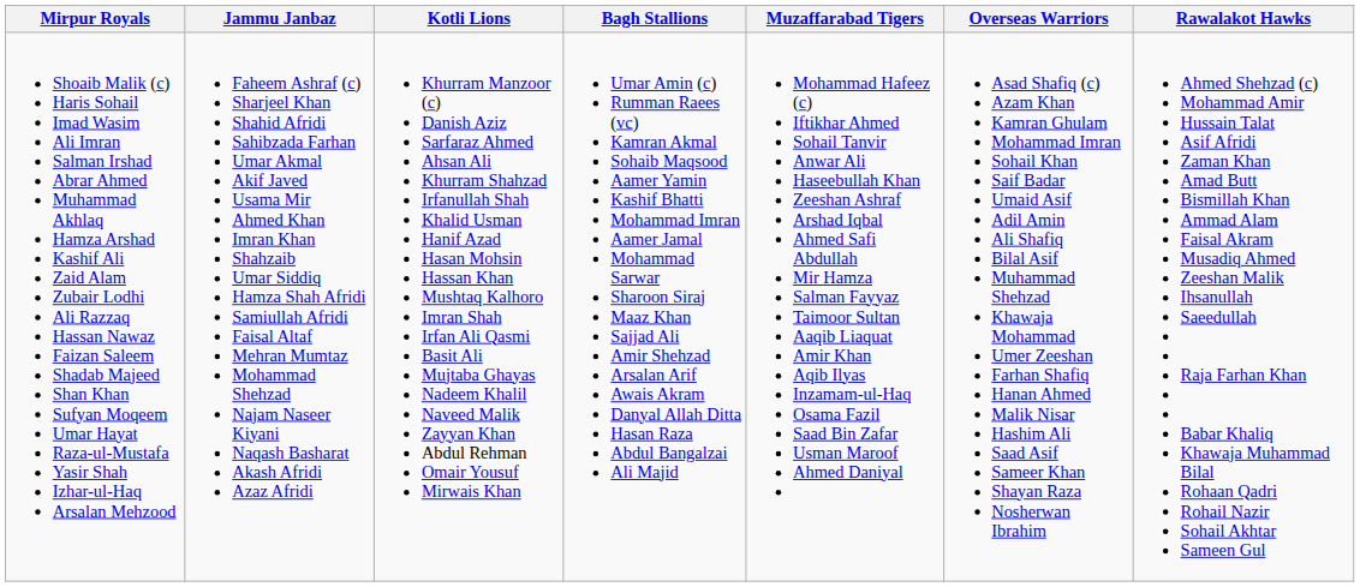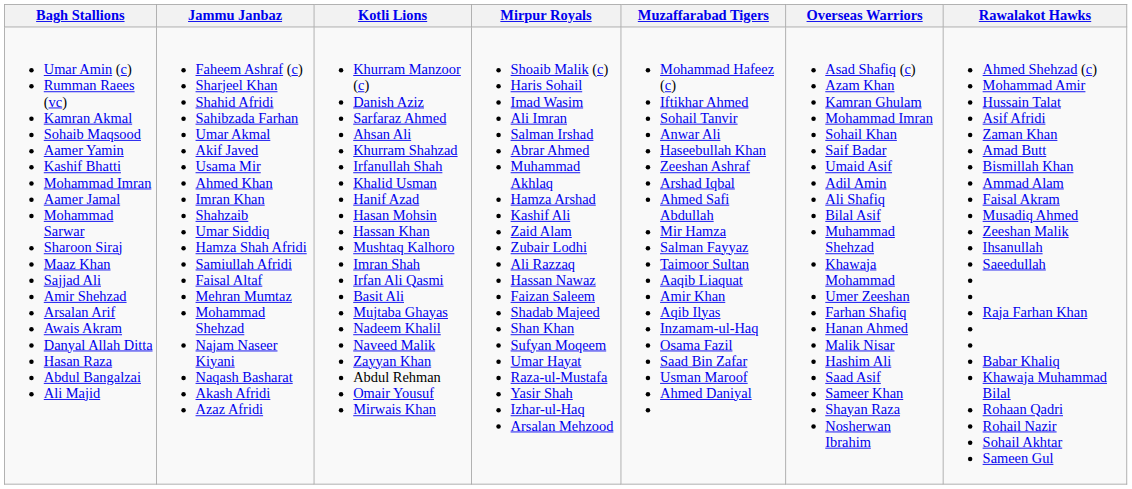 <table class="wikitable">
 <tr>
-<th><a href='#'>Mirpur Royals</a></th>
+<th><a href='#'>Bagh Stallions</a></th>
 <th><a href='#'>Jammu Janbaz</a></th>
 <th><a href='#'>Kotli Lions</a></th>
-<th><a href='#'>Bagh Stallions</a></th>
+<th><a href='#'>Mirpur Royals</a></th>
 <th><a href='#'>Muzaffarabad Tigers</a></th>
 <th><a href='#'>Overseas Warriors</a></th>
 <th><a href='#'>Rawalakot Hawks</a></th>
 </tr>
 <tr>
-<td valign=top><br><ul><li><a href='#'>Shoaib Malik</a> (<a href='#'>c</a>)</li><li><a href='#'>Haris Sohail</a></li><li><a href='#'>Imad Wasim</a></li><li><a href='#'>Ali Imran</a></li><li><a href='#'>Salman Irshad</a></li><li><a href='#'>Abrar Ahmed</a></li><li><a href='#'>Muhammad Akhlaq</a></li><li><a href='#'>Hamza Arshad</a></li><li><a href='#'>Kashif Ali</a></li><li><a href='#'>Zaid Alam</a></li><li><a href='#'>Zubair Lodhi</a></li><li><a href='#'>Ali Razzaq</a></li><li><a href='#'>Hassan Nawaz</a></li><li><a href='#'>Faizan Saleem</a></li><li><a href='#'>Shadab Majeed</a></li><li><a href='#'>Shan Khan</a></li><li><a href='#'>Sufyan Moqeem</a></li><li><a href='#'>Umar Hayat</a></li><li><a href='#'>Raza-ul-Mustafa</a></li><li><a href='#'>Yasir Shah</a></li><li><a href='#'>Izhar-ul-Haq</a></li><li><a href='#'>Arsalan Mehzood</a></li></ul></td>
+<td valign=top><br><ul><li><a href='#'>Umar Amin</a> (<a href='#'>c</a>)</li><li><a href='#'>Rumman Raees</a> (<a href='#'>vc</a>)</li><li><a href='#'>Kamran Akmal</a></li><li><a href='#'>Sohaib Maqsood</a></li><li><a href='#'>Aamer Yamin</a></li><li><a href='#'>Kashif Bhatti</a></li><li><a href='#'>Mohammad Imran</a></li><li><a href='#'>Aamer Jamal</a></li><li><a href='#'>Mohammad Sarwar</a></li><li><a href='#'>Sharoon Siraj</a></li><li><a href='#'>Maaz Khan</a></li><li><a href='#'>Sajjad Ali</a></li><li><a href='#'>Amir Shehzad</a></li><li><a href='#'>Arsalan Arif</a></li><li><a href='#'>Awais Akram</a></li><li><a href='#'>Danyal Allah Ditta</a></li><li><a href='#'>Hasan Raza</a></li><li><a href='#'>Abdul Bangalzai</a></li><li><a href='#'>Ali Majid</a></li></ul></td>
 <td valign=top><br><ul><li><a href='#'>Faheem Ashraf</a> (<a href='#'>c</a>)</li><li><a href='#'>Sharjeel Khan</a></li><li><a href='#'>Shahid Afridi</a></li><li><a href='#'>Sahibzada Farhan</a></li><li><a href='#'>Umar Akmal</a></li><li><a href='#'>Akif Javed</a></li><li><a href='#'>Usama Mir</a></li><li><a href='#'>Ahmed Khan</a></li><li><a href='#'>Imran Khan</a></li><li><a href='#'>Shahzaib</a></li><li><a href='#'>Umar Siddiq</a></li><li><a href='#'>Hamza Shah Afridi</a></li><li><a href='#'>Samiullah Afridi</a></li><li><a href='#'>Faisal Altaf</a></li><li><a href='#'>Mehran Mumtaz</a></li><li><a href='#'>Mohammad Shehzad</a></li><li><a href='#'>Najam Naseer Kiyani</a></li><li><a href='#'>Naqash Basharat</a></li><li><a href='#'>Akash Afridi</a></li><li><a href='#'>Azaz Afridi</a></li></ul></td>
 <td valign=top><br><ul><li><a href='#'>Khurram Manzoor</a> (<a href='#'>c</a>)</li><li><a href='#'>Danish Aziz</a></li><li><a href='#'>Sarfaraz Ahmed</a></li><li><a href='#'>Ahsan Ali</a></li><li><a href='#'>Khurram Shahzad</a></li><li><a href='#'>Irfanullah Shah</a></li><li><a href='#'>Khalid Usman</a></li><li><a href='#'>Hanif Azad</a></li><li><a href='#'>Hasan Mohsin</a></li><li><a href='#'>Hassan Khan</a></li><li><a href='#'>Mushtaq Kalhoro</a></li><li><a href='#'>Imran Shah</a></li><li><a href='#'>Irfan Ali Qasmi</a></li><li><a href='#'>Basit Ali</a></li><li><a href='#'>Mujtaba Ghayas</a></li><li><a href='#'>Nadeem Khalil</a></li><li><a href='#'>Naveed Malik</a></li><li><a href='#'>Zayyan Khan</a></li><li>Abdul Rehman</li><li><a href='#'>Omair Yousuf</a></li><li><a href='#'>Mirwais Khan</a></li></ul></td>
-<td valign=top><br><ul><li><a href='#'>Umar Amin</a> (<a href='#'>c</a>)</li><li><a href='#'>Rumman Raees</a> (<a href='#'>vc</a>)</li><li><a href='#'>Kamran Akmal</a></li><li><a href='#'>Sohaib Maqsood</a></li><li><a href='#'>Aamer Yamin</a></li><li><a href='#'>Kashif Bhatti</a></li><li><a href='#'>Mohammad Imran</a></li><li><a href='#'>Aamer Jamal</a></li><li><a href='#'>Mohammad Sarwar</a></li><li><a href='#'>Sharoon Siraj</a></li><li><a href='#'>Maaz Khan</a></li><li><a href='#'>Sajjad Ali</a></li><li><a href='#'>Amir Shehzad</a></li><li><a href='#'>Arsalan Arif</a></li><li><a href='#'>Awais Akram</a></li><li><a href='#'>Danyal Allah Ditta</a></li><li><a href='#'>Hasan Raza</a></li><li><a href='#'>Abdul Bangalzai</a></li><li><a href='#'>Ali Majid</a></li></ul></td>
+<td valign=top><br><ul><li><a href='#'>Shoaib Malik</a> (<a href='#'>c</a>)</li><li><a href='#'>Haris Sohail</a></li><li><a href='#'>Imad Wasim</a></li><li><a href='#'>Ali Imran</a></li><li><a href='#'>Salman Irshad</a></li><li><a href='#'>Abrar Ahmed</a></li><li><a href='#'>Muhammad Akhlaq</a></li><li><a href='#'>Hamza Arshad</a></li><li><a href='#'>Kashif Ali</a></li><li><a href='#'>Zaid Alam</a></li><li><a href='#'>Zubair Lodhi</a></li><li><a href='#'>Ali Razzaq</a></li><li><a href='#'>Hassan Nawaz</a></li><li><a href='#'>Faizan Saleem</a></li><li><a href='#'>Shadab Majeed</a></li><li><a href='#'>Shan Khan</a></li><li><a href='#'>Sufyan Moqeem</a></li><li><a href='#'>Umar Hayat</a></li><li><a href='#'>Raza-ul-Mustafa</a></li><li><a href='#'>Yasir Shah</a></li><li><a href='#'>Izhar-ul-Haq</a></li><li><a href='#'>Arsalan Mehzood</a></li></ul></td>
 <td valign=top><br><ul><li><a href='#'>Mohammad Hafeez</a> (<a href='#'>c</a>)</li><li><a href='#'>Iftikhar Ahmed</a></li><li><a href='#'>Sohail Tanvir</a></li><li><a href='#'>Anwar Ali</a></li><li><a href='#'>Haseebullah Khan</a></li><li><a href='#'>Zeeshan Ashraf</a></li><li><a href='#'>Arshad Iqbal</a></li><li><a href='#'>Ahmed Safi Abdullah</a></li><li><a href='#'>Mir Hamza</a></li><li><a href='#'>Salman Fayyaz</a></li><li><a href='#'>Taimoor Sultan</a></li><li><a href='#'>Aaqib Liaquat</a></li><li><a href='#'>Amir Khan</a></li><li><a href='#'>Aqib Ilyas</a></li><li><a href='#'>Inzamam-ul-Haq</a></li><li><a href='#'>Osama Fazil</a></li><li><a href='#'>Saad Bin Zafar</a></li><li><a href='#'>Usman Maroof</a></li><li><a href='#'>Ahmed Daniyal</a></li><li></li></ul></td>
 <td valign=top><br><ul><li><a href='#'>Asad Shafiq</a> (<a href='#'>c</a>)</li><li><a href='#'>Azam Khan</a></li><li><a href='#'>Kamran Ghulam</a></li><li><a href='#'>Mohammad Imran</a></li><li><a href='#'>Sohail Khan</a></li><li><a href='#'>Saif Badar</a></li><li><a href='#'>Umaid Asif</a></li><li><a href='#'>Adil Amin</a></li><li><a href='#'>Ali Shafiq</a></li><li><a href='#'>Bilal Asif</a></li><li><a href='#'>Muhammad Shehzad</a></li><li><a href='#'>Khawaja Mohammad</a></li><li><a href='#'>Umer Zeeshan</a></li><li><a href='#'>Farhan Shafiq</a></li><li><a href='#'>Hanan Ahmed</a></li><li><a href='#'>Malik Nisar</a></li><li><a href='#'>Hashim Ali</a></li><li><a href='#'>Saad Asif</a></li><li><a href='#'>Sameer Khan</a></li><li><a href='#'>Shayan Raza</a></li><li><a href='#'>Nosherwan Ibrahim</a></li></ul></td>
 <td valign=top><br><ul><li><a href='#'>Ahmed Shehzad</a> (<a href='#'>c</a>)</li><li><a href='#'>Mohammad Amir</a></li><li><a href='#'>Hussain Talat</a></li><li><a href='#'>Asif Afridi</a></li><li><a href='#'>Zaman Khan</a></li><li><a href='#'>Amad Butt</a></li><li><a href='#'>Bismillah Khan</a></li><li><a href='#'>Ammad Alam</a></li><li><a href='#'>Faisal Akram</a></li><li><a href='#'>Musadiq Ahmed</a></li><li><a href='#'>Zeeshan Malik</a></li><li><a href='#'>Ihsanullah</a></li><li><a href='#'>Saeedullah</a></li><li></li><li></li><li><a href='#'>Raja Farhan Khan</a></li><li></li><li></li><li><a href='#'>Babar Khaliq</a></li><li><a href='#'>Khawaja Muhammad Bilal</a></li><li><a href='#'>Rohaan Qadri</a></li><li><a href='#'>Rohail Nazir</a></li><li><a href='#'>Sohail Akhtar</a></li><li><a href='#'>Sameen Gul</a></li></ul></td>
 </tr>
 </table>
